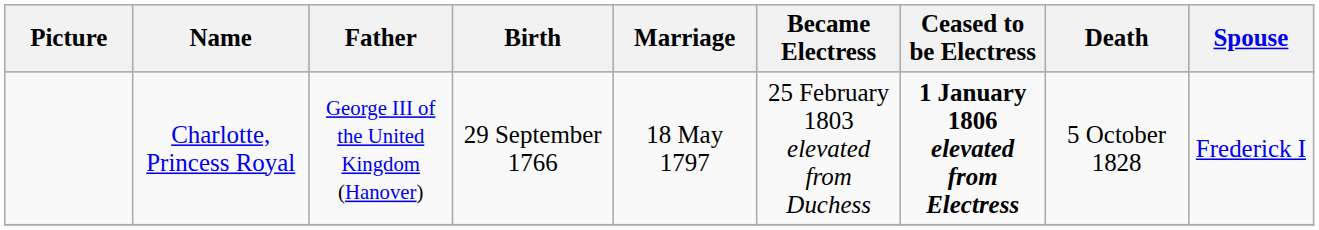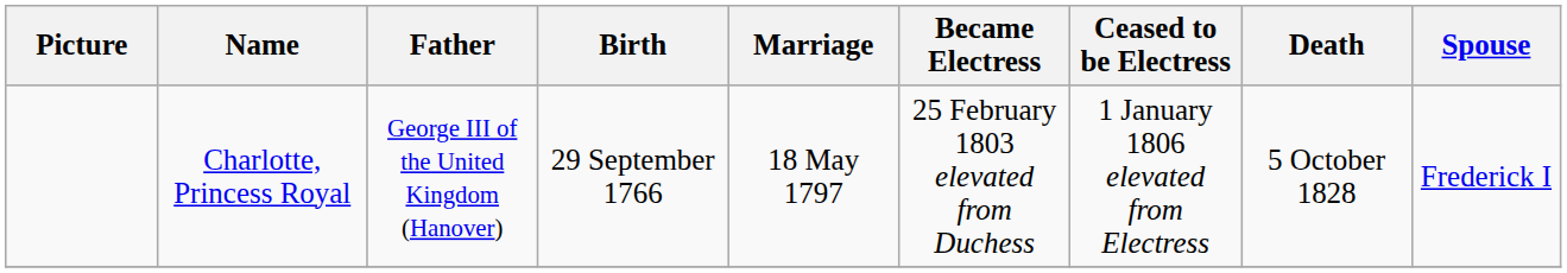 <table width=95% class="wikitable">
 <tr>
 <th width = "8%">Picture</th>
 <th width = "11%">Name</th>
 <th width = "9%">Father</th>
 <th width = "10%">Birth</th>
 <th width = "9%">Marriage</th>
 <th width = "9%">Became Electress</th>
 <th width = "9%">Ceased to be Electress</th>
 <th width = "9%">Death</th>
 <th width = "6%"><a href='#'>Spouse</a></th>
 </tr>
 <tr>
 <td align="center"></td>
 <td align="center"><a href='#'>Charlotte, Princess Royal</a></td>
 <td align="center"><small><a href='#'>George III of the United Kingdom</a><br>(<a href='#'>Hanover</a>)</small></td>
 <td align="center">29 September 1766</td>
 <td align="center">18 May 1797</td>
 <td align="center">25 February 1803<br><em>elevated from Duchess</em></td>
-<td align="center"><strong>1 January 1806<br><em>elevated from Electress</em></strong></td>
+<td align="center">1 January 1806<br><em>elevated from Electress</em></td>
 <td align="center">5 October 1828</td>
 <td align="center"><a href='#'>Frederick I</a></td>
 </tr>
 <tr>
 </tr>
 </table>
